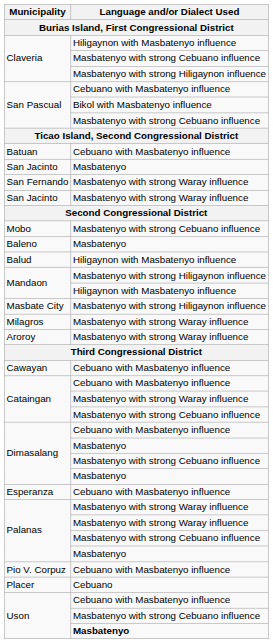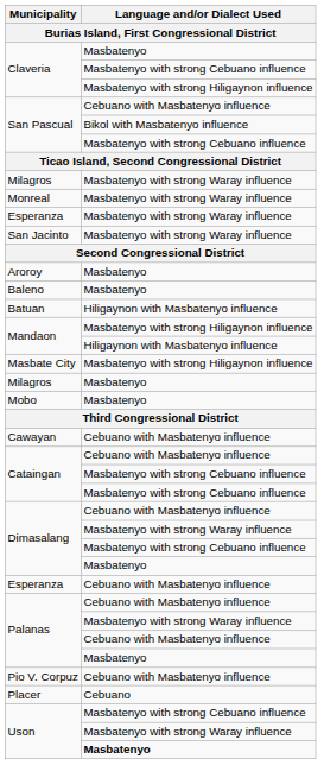 <table class="wikitable">
 <tr>
 <th>Municipality</th>
 <th>Language and/or Dialect Used</th>
 </tr>
 <tr>
 <th colspan="2">Burias Island, First Congressional District</th>
 </tr>
 <tr>
 <td rowspan="3">Claveria</td>
-<td>Hiligaynon with Masbatenyo influence</td>
+<td>Masbatenyo</td>
 </tr>
 <tr>
 <td>Masbatenyo with strong Cebuano influence</td>
 </tr>
 <tr>
 <td>Masbatenyo with strong Hiligaynon influence</td>
 </tr>
 <tr>
 <td rowspan="3">San Pascual</td>
 <td>Cebuano with Masbatenyo influence</td>
 </tr>
 <tr>
 <td>Bikol with Masbatenyo influence</td>
 </tr>
 <tr>
 <td>Masbatenyo with strong Cebuano influence</td>
 </tr>
 <tr>
 <th colspan="2">Ticao Island, Second Congressional District</th>
 </tr>
 <tr>
-<td>Batuan</td>
-<td>Cebuano with Masbatenyo influence</td>
+<td>Milagros</td>
+<td>Masbatenyo with strong Waray influence</td>
 </tr>
 <tr>
-<td>San Jacinto</td>
-<td>Masbatenyo</td>
+<td>Monreal</td>
+<td>Masbatenyo with strong Waray influence</td>
 </tr>
 <tr>
-<td>San Fernando</td>
+<td>Esperanza</td>
 <td>Masbatenyo with strong Waray influence</td>
 </tr>
 <tr>
 <td>San Jacinto</td>
 <td>Masbatenyo with strong Waray influence</td>
 </tr>
 <tr>
 <th colspan="2">Second Congressional District</th>
 </tr>
 <tr>
-<td>Mobo</td>
-<td>Masbatenyo with strong Cebuano influence</td>
+<td>Aroroy</td>
+<td>Masbatenyo</td>
 </tr>
 <tr>
 <td>Baleno</td>
 <td>Masbatenyo</td>
 </tr>
 <tr>
-<td>Balud</td>
+<td>Batuan</td>
 <td>Hiligaynon with Masbatenyo influence</td>
 </tr>
 <tr>
 <td rowspan="2">Mandaon</td>
 <td>Masbatenyo with strong Hiligaynon influence</td>
 </tr>
 <tr>
 <td>Hiligaynon with Masbatenyo influence</td>
 </tr>
 <tr>
 <td>Masbate City</td>
 <td>Masbatenyo with strong Hiligaynon influence</td>
 </tr>
 <tr>
 <td>Milagros</td>
-<td>Masbatenyo with strong Waray influence</td>
+<td>Masbatenyo</td>
 </tr>
 <tr>
-<td>Aroroy</td>
-<td>Masbatenyo with strong Waray influence</td>
+<td>Mobo</td>
+<td>Masbatenyo</td>
 </tr>
 <tr>
 <th colspan="2">Third Congressional District</th>
 </tr>
 <tr>
 <td>Cawayan</td>
 <td>Cebuano with Masbatenyo influence</td>
 </tr>
 <tr>
 <td rowspan="3">Cataingan</td>
 <td>Cebuano with Masbatenyo influence</td>
 </tr>
 <tr>
-<td>Masbatenyo with strong Waray influence</td>
+<td>Masbatenyo with strong Cebuano influence</td>
 </tr>
 <tr>
 <td>Masbatenyo with strong Cebuano influence</td>
 </tr>
 <tr>
 <td rowspan="4">Dimasalang</td>
 <td>Cebuano with Masbatenyo influence</td>
 </tr>
 <tr>
-<td>Masbatenyo</td>
+<td>Masbatenyo with strong Waray influence</td>
 </tr>
 <tr>
 <td>Masbatenyo with strong Cebuano influence</td>
 </tr>
 <tr>
 <td>Masbatenyo</td>
 </tr>
 <tr>
 <td>Esperanza</td>
 <td>Cebuano with Masbatenyo influence</td>
 </tr>
 <tr>
 <td rowspan="4">Palanas</td>
-<td>Masbatenyo with strong Waray influence</td>
+<td>Cebuano with Masbatenyo influence</td>
 </tr>
 <tr>
 <td>Masbatenyo with strong Waray influence</td>
 </tr>
 <tr>
-<td>Masbatenyo with strong Cebuano influence</td>
+<td>Cebuano with Masbatenyo influence</td>
 </tr>
 <tr>
 <td>Masbatenyo</td>
 </tr>
 <tr>
 <td>Pio V. Corpuz</td>
 <td>Cebuano with Masbatenyo influence</td>
 </tr>
 <tr>
 <td>Placer</td>
 <td>Cebuano</td>
 </tr>
 <tr>
 <td rowspan="3">Uson</td>
-<td>Cebuano with Masbatenyo influence</td>
+<td>Masbatenyo with strong Cebuano influence</td>
 </tr>
 <tr>
-<td>Masbatenyo with strong Cebuano influence</td>
+<td>Masbatenyo with strong Waray influence</td>
 </tr>
 <tr>
 <td><strong>Masbatenyo</strong></td>
 </tr>
 </table>
